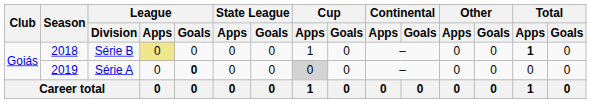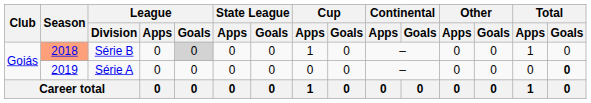 <table class="wikitable" style="text-align: center">
 <tr>
 <th rowspan="2">Club</th>
 <th rowspan="2">Season</th>
 <th colspan="3">League</th>
 <th colspan="2">State League</th>
 <th colspan="2">Cup</th>
 <th colspan="2">Continental</th>
 <th colspan="2">Other</th>
 <th colspan="2">Total</th>
 </tr>
 <tr>
 <th>Division</th>
 <th>Apps</th>
 <th>Goals</th>
 <th>Apps</th>
 <th>Goals</th>
 <th>Apps</th>
 <th>Goals</th>
 <th>Apps</th>
 <th>Goals</th>
 <th>Apps</th>
 <th>Goals</th>
 <th>Apps</th>
 <th>Goals</th>
 </tr>
 <tr>
 <td rowspan="2"><a href='#'>Goiás</a></td>
-<td><a href='#'>2018</a></td>
+<td style="background: lightsalmon;"><a href='#'>2018</a></td>
 <td><a href='#'>Série B</a></td>
-<td style="background: khaki;">0</td>
 <td>0</td>
+<td style="background: lightgrey;">0</td>
 <td>0</td>
 <td>0</td>
 <td>1</td>
 <td>0</td>
 <td colspan="2">–</td>
 <td>0</td>
 <td>0</td>
-<td><strong>1</strong></td>
+<td>1</td>
 <td>0</td>
 </tr>
 <tr>
 <td><a href='#'>2019</a></td>
 <td><a href='#'>Série A</a></td>
 <td>0</td>
-<td><strong>0</strong></td>
 <td>0</td>
 <td>0</td>
-<td style="background: lightgrey;">0</td>
+<td>0</td>
+<td>0</td>
 <td>0</td>
 <td colspan="2">–</td>
 <td>0</td>
 <td>0</td>
 <td>0</td>
-<td>0</td>
+<td><strong>0</strong></td>
 </tr>
 <tr>
 <th colspan="3"><strong>Career total</strong></th>
 <th>0</th>
 <th>0</th>
 <th>0</th>
 <th>0</th>
 <th>1</th>
 <th>0</th>
 <th>0</th>
 <th>0</th>
 <th>0</th>
 <th>0</th>
 <th>1</th>
 <th>0</th>
 </tr>
 </table>
